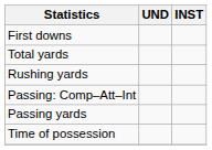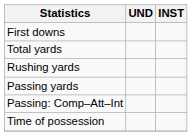 <table class="wikitable" style="float: left;">
 <tr>
 <th>Statistics</th>
 <th>UND</th>
 <th>INST</th>
 </tr>
 <tr>
 <td>First downs</td>
 <td></td>
 <td></td>
 </tr>
 <tr>
 <td>Total yards</td>
 <td></td>
 <td></td>
 </tr>
 <tr>
 <td>Rushing yards</td>
 <td></td>
 <td></td>
 </tr>
 <tr>
-<td>Passing: Comp–Att–Int</td>
+<td>Passing yards</td>
 <td></td>
 <td></td>
 </tr>
 <tr>
-<td>Passing yards</td>
+<td>Passing: Comp–Att–Int</td>
 <td></td>
 <td></td>
 </tr>
 <tr>
 <td>Time of possession</td>
 <td></td>
 <td></td>
 </tr>
 <tr>
 </tr>
 </table>
